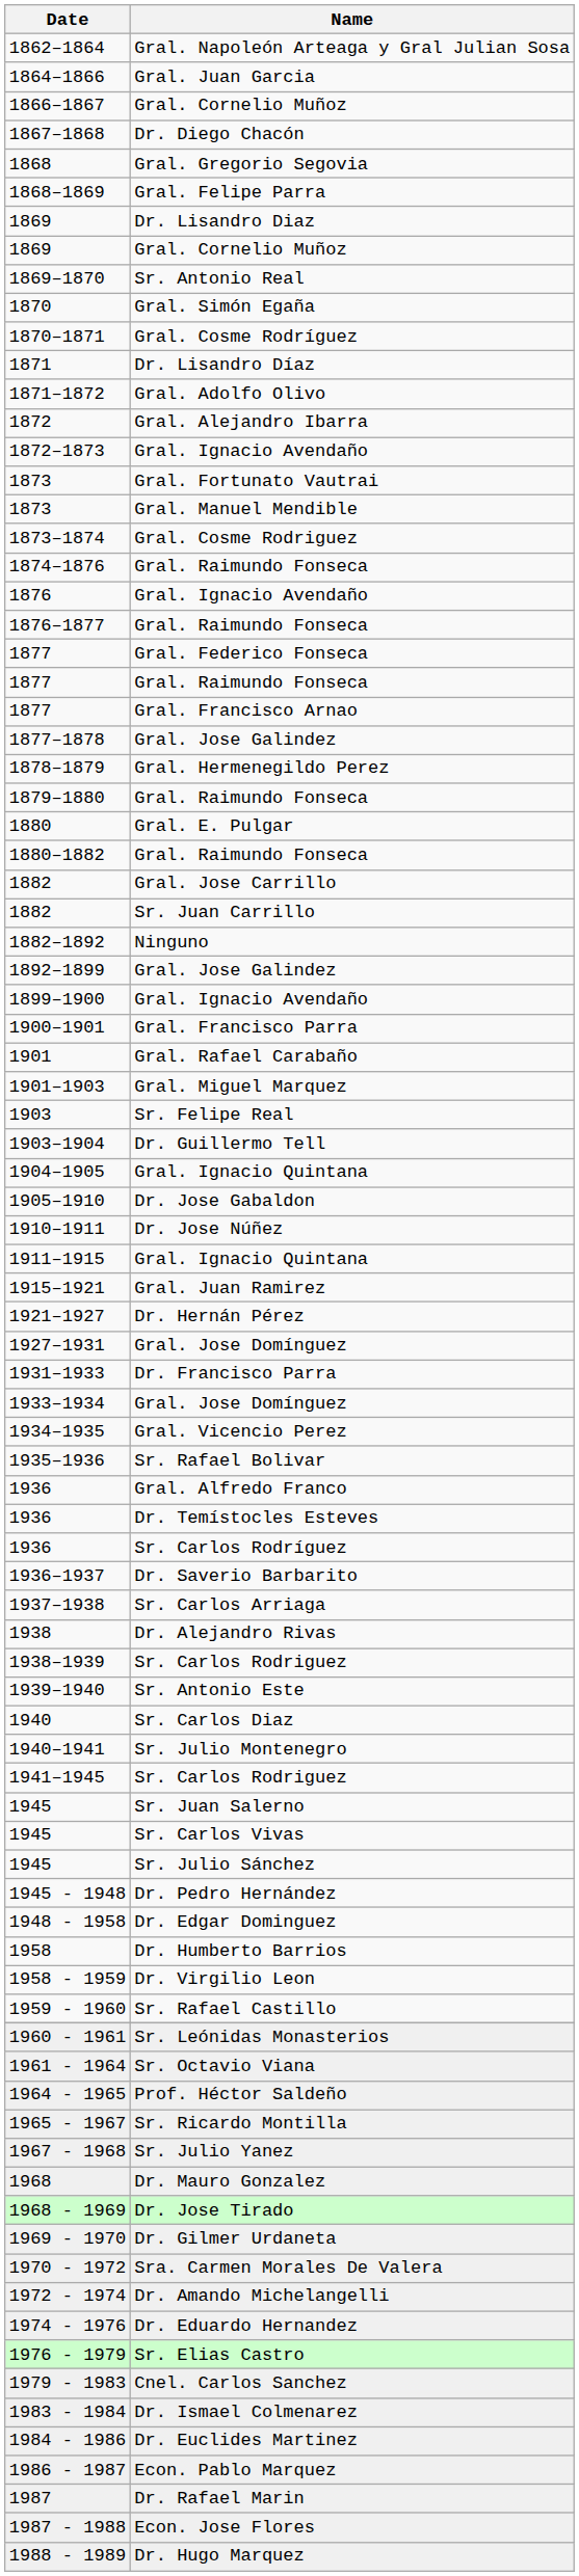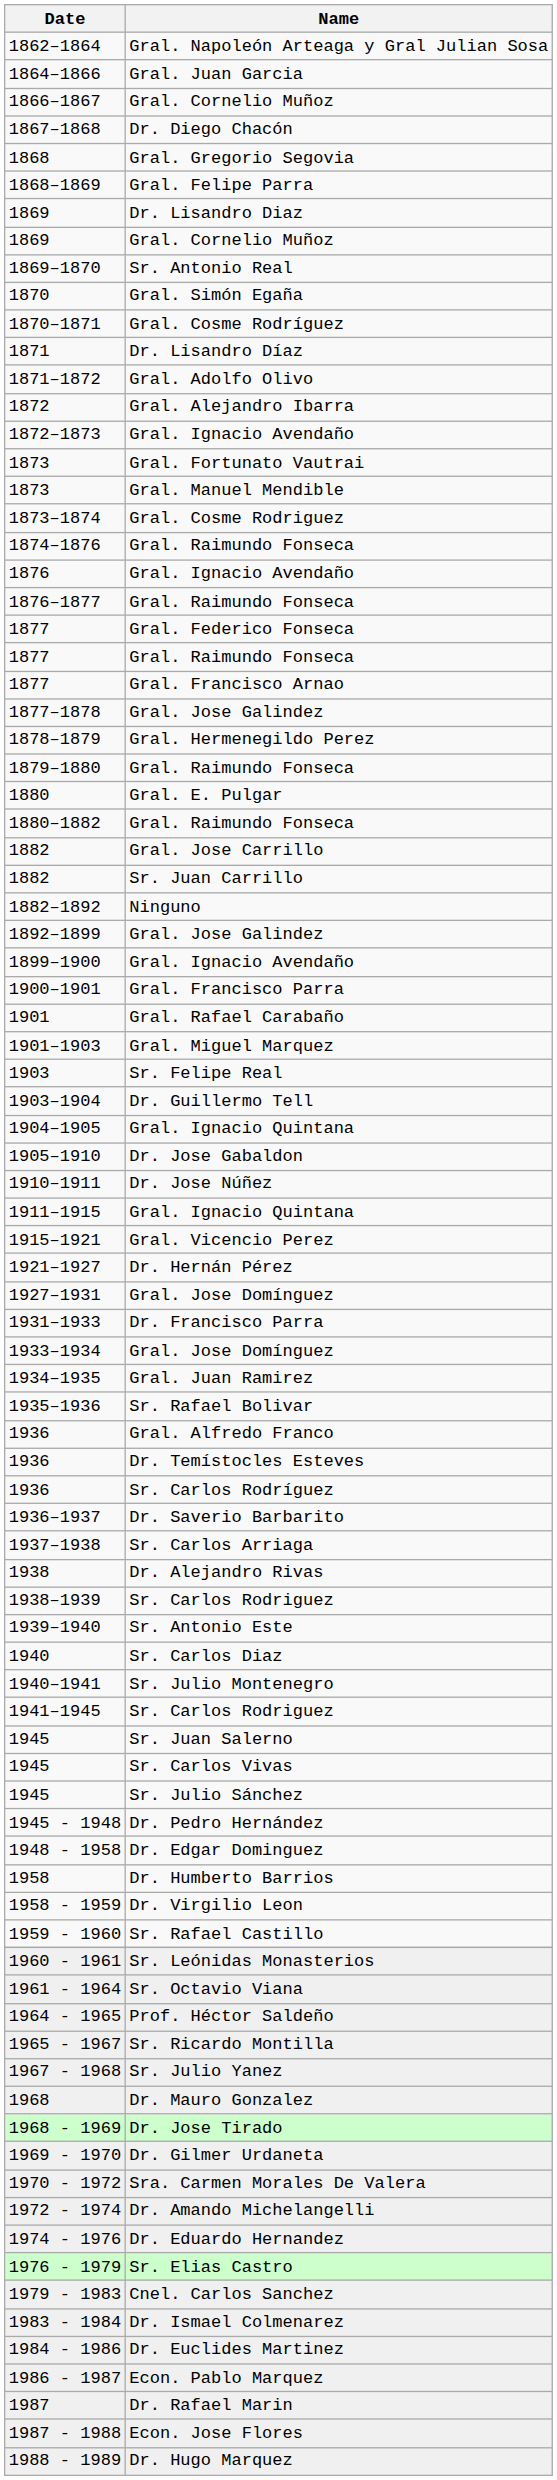 <table class="wikitable sortable">
 <tr>
 <th>Date</th>
 <th>Name</th>
 </tr>
 <tr>
 <td>1862–1864</td>
 <td>Gral. Napoleón Arteaga y Gral Julian Sosa</td>
 </tr>
 <tr>
 <td>1864–1866</td>
 <td>Gral. Juan Garcia</td>
 </tr>
 <tr>
 <td>1866–1867</td>
 <td>Gral. Cornelio Muñoz</td>
 </tr>
 <tr>
 <td>1867–1868</td>
 <td>Dr. Diego Chacón</td>
 </tr>
 <tr>
 <td>1868</td>
 <td>Gral. Gregorio Segovia</td>
 </tr>
 <tr>
 <td>1868–1869</td>
 <td>Gral. Felipe Parra</td>
 </tr>
 <tr>
 <td>1869</td>
 <td>Dr. Lisandro Diaz</td>
 </tr>
 <tr>
 <td>1869</td>
 <td>Gral. Cornelio Muñoz</td>
 </tr>
 <tr>
 <td>1869–1870</td>
 <td>Sr. Antonio Real</td>
 </tr>
 <tr>
 <td>1870</td>
 <td>Gral. Simón Egaña</td>
 </tr>
 <tr>
 <td>1870–1871</td>
 <td>Gral. Cosme Rodríguez</td>
 </tr>
 <tr>
 <td>1871</td>
 <td>Dr. Lisandro Díaz</td>
 </tr>
 <tr>
 <td>1871–1872</td>
 <td>Gral. Adolfo Olivo</td>
 </tr>
 <tr>
 <td>1872</td>
 <td>Gral. Alejandro Ibarra</td>
 </tr>
 <tr>
 <td>1872–1873</td>
 <td>Gral. Ignacio Avendaño</td>
 </tr>
 <tr>
 <td>1873</td>
 <td>Gral. Fortunato Vautrai</td>
 </tr>
 <tr>
 <td>1873</td>
 <td>Gral. Manuel Mendible</td>
 </tr>
 <tr>
 <td>1873–1874</td>
 <td>Gral. Cosme Rodriguez</td>
 </tr>
 <tr>
 <td>1874–1876</td>
 <td>Gral. Raimundo Fonseca</td>
 </tr>
 <tr>
 <td>1876</td>
 <td>Gral. Ignacio Avendaño</td>
 </tr>
 <tr>
 <td>1876–1877</td>
 <td>Gral. Raimundo Fonseca</td>
 </tr>
 <tr>
 <td>1877</td>
 <td>Gral. Federico Fonseca</td>
 </tr>
 <tr>
 <td>1877</td>
 <td>Gral. Raimundo Fonseca</td>
 </tr>
 <tr>
 <td>1877</td>
 <td>Gral. Francisco Arnao</td>
 </tr>
 <tr>
 <td>1877–1878</td>
 <td>Gral. Jose Galindez</td>
 </tr>
 <tr>
 <td>1878–1879</td>
 <td>Gral. Hermenegildo Perez</td>
 </tr>
 <tr>
 <td>1879–1880</td>
 <td>Gral. Raimundo Fonseca</td>
 </tr>
 <tr>
 <td>1880</td>
 <td>Gral. E. Pulgar</td>
 </tr>
 <tr>
 <td>1880–1882</td>
 <td>Gral. Raimundo Fonseca</td>
 </tr>
 <tr>
 <td>1882</td>
 <td>Gral. Jose Carrillo</td>
 </tr>
 <tr>
 <td>1882</td>
 <td>Sr. Juan Carrillo</td>
 </tr>
 <tr>
 <td>1882–1892</td>
 <td>Ninguno</td>
 </tr>
 <tr>
 <td>1892–1899</td>
 <td>Gral. Jose Galindez</td>
 </tr>
 <tr>
 <td>1899–1900</td>
 <td>Gral. Ignacio Avendaño</td>
 </tr>
 <tr>
 <td>1900–1901</td>
 <td>Gral. Francisco Parra</td>
 </tr>
 <tr>
 <td>1901</td>
 <td>Gral. Rafael Carabaño</td>
 </tr>
 <tr>
 <td>1901–1903</td>
 <td>Gral. Miguel Marquez</td>
 </tr>
 <tr>
 <td>1903</td>
 <td>Sr. Felipe Real</td>
 </tr>
 <tr>
 <td>1903–1904</td>
 <td>Dr. Guillermo Tell</td>
 </tr>
 <tr>
 <td>1904–1905</td>
 <td>Gral. Ignacio Quintana</td>
 </tr>
 <tr>
 <td>1905–1910</td>
 <td>Dr. Jose Gabaldon</td>
 </tr>
 <tr>
 <td>1910–1911</td>
 <td>Dr. Jose Núñez</td>
 </tr>
 <tr>
 <td>1911–1915</td>
 <td>Gral. Ignacio Quintana</td>
 </tr>
 <tr>
 <td>1915–1921</td>
-<td>Gral. Juan Ramirez</td>
+<td>Gral. Vicencio Perez</td>
 </tr>
 <tr>
 <td>1921–1927</td>
 <td>Dr. Hernán Pérez</td>
 </tr>
 <tr>
 <td>1927–1931</td>
 <td>Gral. Jose Domínguez</td>
 </tr>
 <tr>
 <td>1931–1933</td>
 <td>Dr. Francisco Parra</td>
 </tr>
 <tr>
 <td>1933–1934</td>
 <td>Gral. Jose Domínguez</td>
 </tr>
 <tr>
 <td>1934–1935</td>
-<td>Gral. Vicencio Perez</td>
+<td>Gral. Juan Ramirez</td>
 </tr>
 <tr>
 <td>1935–1936</td>
 <td>Sr. Rafael Bolivar</td>
 </tr>
 <tr>
 <td>1936</td>
 <td>Gral. Alfredo Franco</td>
 </tr>
 <tr>
 <td>1936</td>
 <td>Dr. Temístocles Esteves</td>
 </tr>
 <tr>
 <td>1936</td>
 <td>Sr. Carlos Rodríguez</td>
 </tr>
 <tr>
 <td>1936–1937</td>
 <td>Dr. Saverio Barbarito</td>
 </tr>
 <tr>
 <td>1937–1938</td>
 <td>Sr. Carlos Arriaga</td>
 </tr>
 <tr>
 <td>1938</td>
 <td>Dr. Alejandro Rivas</td>
 </tr>
 <tr>
 <td>1938–1939</td>
 <td>Sr. Carlos Rodriguez</td>
 </tr>
 <tr>
 <td>1939–1940</td>
 <td>Sr. Antonio Este</td>
 </tr>
 <tr>
 <td>1940</td>
 <td>Sr. Carlos Diaz</td>
 </tr>
 <tr>
 <td>1940–1941</td>
 <td>Sr. Julio Montenegro</td>
 </tr>
 <tr>
 <td>1941–1945</td>
 <td>Sr. Carlos Rodriguez</td>
 </tr>
 <tr>
 <td>1945</td>
 <td>Sr. Juan Salerno</td>
 </tr>
 <tr>
 <td>1945</td>
 <td>Sr. Carlos Vivas</td>
 </tr>
 <tr>
 <td>1945</td>
 <td>Sr. Julio Sánchez</td>
 </tr>
 <tr>
 <td>1945 - 1948</td>
 <td>Dr. Pedro Hernández</td>
 </tr>
 <tr>
 <td>1948 - 1958</td>
 <td>Dr. Edgar Dominguez</td>
 </tr>
 <tr>
 <td>1958</td>
 <td>Dr. Humberto Barrios</td>
 </tr>
 <tr>
 <td>1958 - 1959</td>
 <td>Dr. Virgilio Leon</td>
 </tr>
 <tr>
 <td>1959 - 1960</td>
 <td>Sr. Rafael Castillo</td>
 </tr>
 <tr>
 </tr>
 <tr bgcolor="#F0F0F0">
 <td>1960 - 1961</td>
 <td>Sr. Leónidas Monasterios</td>
 </tr>
 <tr bgcolor="#F0F0F0">
 <td>1961 - 1964</td>
 <td>Sr. Octavio Viana</td>
 </tr>
 <tr bgcolor="#F0F0F0">
 <td>1964 - 1965</td>
 <td>Prof. Héctor Saldeño</td>
 </tr>
 <tr bgcolor="#F0F0F0">
 <td>1965 - 1967</td>
 <td>Sr. Ricardo Montilla</td>
 </tr>
 <tr bgcolor="#F0F0F0">
 <td>1967 - 1968</td>
 <td>Sr. Julio Yanez</td>
 </tr>
 <tr bgcolor="#F0F0F0">
 <td>1968</td>
 <td>Dr. Mauro Gonzalez</td>
 </tr>
 <tr bgcolor="#CCFFCC">
 <td>1968 - 1969</td>
 <td>Dr. Jose Tirado</td>
 </tr>
 <tr bgcolor="#F0F0F0">
 <td>1969 - 1970</td>
 <td>Dr. Gilmer Urdaneta</td>
 </tr>
 <tr bgcolor="#F0F0F0">
 <td>1970 - 1972</td>
 <td>Sra. Carmen Morales De Valera</td>
 </tr>
 <tr bgcolor="#F0F0F0">
 <td>1972 - 1974</td>
 <td>Dr. Amando Michelangelli</td>
 </tr>
 <tr bgcolor="#F0F0F0">
 <td>1974 - 1976</td>
 <td>Dr. Eduardo Hernandez</td>
 </tr>
 <tr bgcolor="#CCFFCC">
 <td>1976 - 1979</td>
 <td>Sr. Elias Castro</td>
 </tr>
 <tr bgcolor="#F0F0F0">
 <td>1979 - 1983</td>
 <td>Cnel. Carlos Sanchez</td>
 </tr>
 <tr bgcolor="#F0F0F0">
 <td>1983 - 1984</td>
 <td>Dr. Ismael Colmenarez</td>
 </tr>
 <tr bgcolor="#F0F0F0">
 <td>1984 - 1986</td>
 <td>Dr. Euclides Martinez</td>
 </tr>
 <tr bgcolor="#F0F0F0">
 <td>1986 - 1987</td>
 <td>Econ. Pablo Marquez</td>
 </tr>
 <tr bgcolor="#F0F0F0">
 <td>1987</td>
 <td>Dr. Rafael Marin</td>
 </tr>
 <tr bgcolor="#F0F0F0">
 <td>1987 - 1988</td>
 <td>Econ. Jose Flores</td>
 </tr>
 <tr bgcolor="#F0F0F0">
 <td>1988 - 1989</td>
 <td>Dr. Hugo Marquez</td>
 </tr>
 </table>
